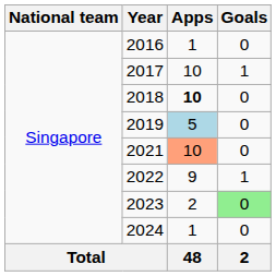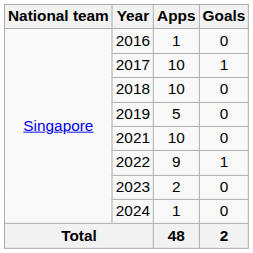 <table class="wikitable" style="text-align:center">
 <tr>
 <th>National team</th>
 <th>Year</th>
 <th>Apps</th>
 <th>Goals</th>
 </tr>
 <tr>
 <td rowspan="8"><a href='#'>Singapore</a></td>
 <td>2016</td>
 <td>1</td>
 <td>0</td>
 </tr>
 <tr>
 <td>2017</td>
 <td>10</td>
 <td>1</td>
 </tr>
 <tr>
 <td>2018</td>
-<td><strong>10</strong></td>
+<td>10</td>
 <td>0</td>
 </tr>
 <tr>
 <td>2019</td>
-<td style="background: lightblue;">5</td>
+<td>5</td>
 <td>0</td>
 </tr>
 <tr>
 <td>2021</td>
-<td style="background: lightsalmon;">10</td>
+<td>10</td>
 <td>0</td>
 </tr>
 <tr>
 <td>2022</td>
 <td>9</td>
 <td>1</td>
 </tr>
 <tr>
 <td>2023</td>
 <td>2</td>
-<td style="background: lightgreen;">0</td>
+<td>0</td>
 </tr>
 <tr>
 <td>2024</td>
 <td>1</td>
 <td>0</td>
 </tr>
 <tr>
 <th colspan="2">Total</th>
 <th>48</th>
 <th>2</th>
 </tr>
 </table>
